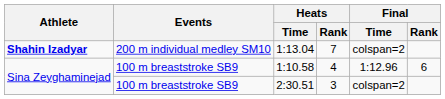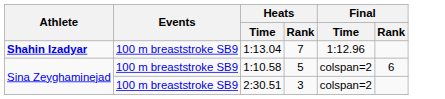 <table class="wikitable" style="font-size:90%">
 <tr>
 <th rowspan="2">Athlete</th>
 <th rowspan="2">Events</th>
 <th colspan="2">Heats</th>
 <th colspan="2">Final</th>
 </tr>
 <tr>
 <th>Time</th>
 <th>Rank</th>
 <th>Time</th>
 <th>Rank</th>
 </tr>
 <tr>
 <td><strong><a href='#'>Shahin Izadyar</a></strong></td>
-<td><a href='#'>200 m individual medley SM10</a></td>
+<td><a href='#'>100 m breaststroke SB9</a></td>
 <td align=center>1:13.04</td>
 <td align=center>7</td>
-<td>colspan=2 </td>
+<td align=center>1:12.96</td>
 </tr>
 <tr>
 <td rowspan=2><a href='#'>Sina Zeyghaminejad</a></td>
 <td><a href='#'>100 m breaststroke SB9</a></td>
 <td align=center>1:10.58</td>
-<td align=center>4 <strong></strong></td>
-<td align=center>1:12.96</td>
+<td align=center>5 <strong></strong></td>
+<td>colspan=2 </td>
 <td align=center>6</td>
 </tr>
 <tr>
 <td><a href='#'>100 m breaststroke SB9</a></td>
 <td align=center>2:30.51</td>
 <td align=center>3</td>
 <td>colspan=2 </td>
 </tr>
 </table>
